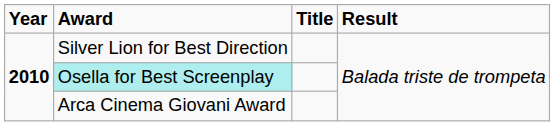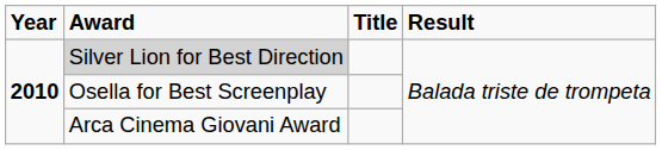 <table class="wikitable">
 <tr>
 <td><strong>Year</strong></td>
 <td><strong>Award</strong></td>
 <td><strong>Title</strong></td>
 <td><strong>Result</strong></td>
 </tr>
 <tr>
 <td rowspan="3"><strong>2010</strong></td>
-<td>Silver Lion for Best Direction</td>
+<td style="background: lightgrey;">Silver Lion for Best Direction</td>
 <td></td>
 <td rowspan="3"><em>Balada triste de trompeta</em></td>
 </tr>
 <tr>
-<td style="background: paleturquoise;">Osella for Best Screenplay</td>
+<td>Osella for Best Screenplay</td>
 <td></td>
 </tr>
 <tr>
 <td>Arca Cinema Giovani Award</td>
 <td></td>
 </tr>
 </table>
